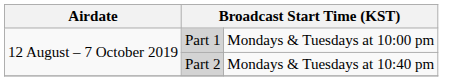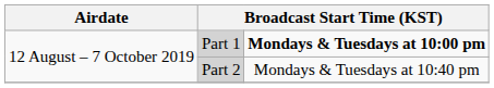 <table class=wikitable style=text-align:center>
 <tr>
 <th>Airdate</th>
 <th colspan=2>Broadcast Start Time (KST)</th>
 </tr>
 <tr>
 <td rowspan=2>12 August – 7 October 2019</td>
 <td style=background:Lightgray>Part 1</td>
-<td>Mondays & Tuesdays at 10:00 pm</td>
+<td><strong>Mondays & Tuesdays at 10:00 pm</strong></td>
 </tr>
 <tr>
 <td style=background:Lightgray>Part 2</td>
 <td>Mondays & Tuesdays at 10:40 pm</td>
 </tr>
 <tr>
 </tr>
 </table>
